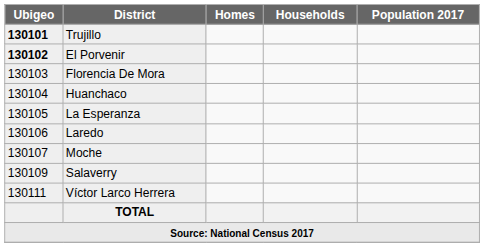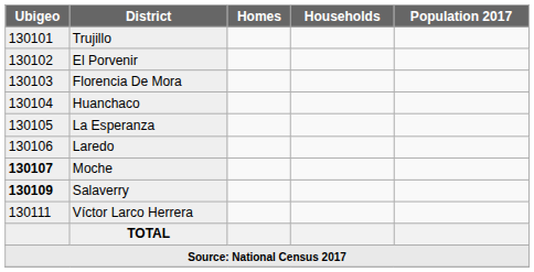 <table class="wikitable sortable" width=40% style="float:center; clear:all; padding: 10px; margin-left:30%; font-size:80%">
 <tr>
 <th style="text-align: center; background-color:#666666; color:#ffffff;">Ubigeo</th>
 <th style="text-align: center; background-color:#666666; color:#ffffff;">District</th>
 <th style="text-align: center; background-color:#666666; color:#ffffff;">Homes</th>
 <th style="text-align: center; background-color:#666666; color:#ffffff;">Households</th>
 <th style="text-align: center; background-color:#666666; color:#ffffff;">Population 2017</th>
 </tr>
 <tr>
-<td style="background-color:#efefef;"><strong>130101</strong></td>
+<td style="background-color:#efefef;">130101</td>
 <td style="background-color:#efefef;">Trujillo</td>
 <td></td>
 <td></td>
 <td></td>
 </tr>
 <tr>
-<td style="background-color:#efefef;"><strong>130102</strong></td>
+<td style="background-color:#efefef;">130102</td>
 <td style="background-color:#efefef;">El Porvenir</td>
 <td></td>
 <td></td>
 <td></td>
 </tr>
 <tr>
 <td style="background-color:#efefef;">130103</td>
 <td style="background-color:#efefef;">Florencia De Mora</td>
 <td></td>
 <td></td>
 <td></td>
 </tr>
 <tr>
 <td style="background-color:#efefef;">130104</td>
 <td style="background-color:#efefef;">Huanchaco</td>
 <td></td>
 <td></td>
 <td></td>
 </tr>
 <tr>
 <td style="background-color:#efefef;">130105</td>
 <td style="background-color:#efefef;">La Esperanza</td>
 <td></td>
 <td></td>
 <td></td>
 </tr>
 <tr>
 <td style="background-color:#efefef;">130106</td>
 <td style="background-color:#efefef;">Laredo</td>
 <td></td>
 <td></td>
 <td></td>
 </tr>
 <tr>
-<td style="background-color:#efefef;">130107</td>
+<td style="background-color:#efefef;"><strong>130107</strong></td>
 <td style="background-color:#efefef;">Moche</td>
 <td></td>
 <td></td>
 <td></td>
 </tr>
 <tr>
-<td style="background-color:#efefef;">130109</td>
+<td style="background-color:#efefef;"><strong>130109</strong></td>
 <td style="background-color:#efefef;">Salaverry</td>
 <td></td>
 <td></td>
 <td></td>
 </tr>
 <tr>
 <td style="background-color:#efefef;">130111</td>
 <td style="background-color:#efefef;">Víctor Larco Herrera</td>
 <td></td>
 <td></td>
 <td></td>
 </tr>
 <tr>
 <th style="background-color:#efefef;"></th>
 <th style="background-color:#efefef;">TOTAL</th>
 <th></th>
 <th></th>
 <th></th>
 </tr>
 <tr>
 <th colspan=5 style="background:#e9e9e9;" align=center><small>Source: National Census 2017</small></th>
 </tr>
 <tr>
 </tr>
 </table>
